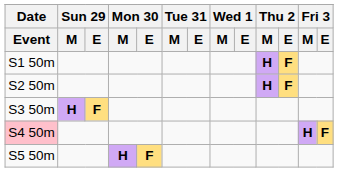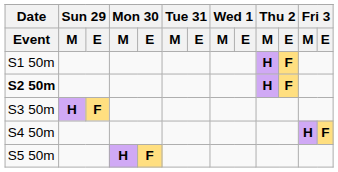 <table class="wikitable" style="margin:0.5em auto; font-size:90%; line-height:1.25em;">
 <tr align="center">
 </tr>
 <tr>
 <th>Date</th>
 <th colspan="2">Sun 29</th>
 <th colspan="2">Mon 30</th>
 <th colspan="2">Tue 31</th>
 <th colspan="2">Wed 1</th>
 <th colspan="2">Thu 2</th>
 <th colspan="2">Fri 3</th>
 </tr>
 <tr>
 <th>Event</th>
 <th>M</th>
 <th>E</th>
 <th>M</th>
 <th>E</th>
 <th>M</th>
 <th>E</th>
 <th>M</th>
 <th>E</th>
 <th>M</th>
 <th>E</th>
 <th>M</th>
 <th>E</th>
 </tr>
 <tr align="center">
 <td align="left">S1 50m</td>
 <td colspan="2"></td>
 <td colspan="2"></td>
 <td colspan="2"></td>
 <td colspan="2"></td>
 <td bgcolor="#D0A9F5"><strong>H</strong></td>
 <td bgcolor="#FFDF80"><strong>F</strong></td>
 <td colspan="2"></td>
 </tr>
 <tr align="center">
-<td align="left">S2 50m</td>
+<td align="left"><strong>S2 50m</strong></td>
 <td colspan="2"></td>
 <td colspan="2"></td>
 <td colspan="2"></td>
 <td colspan="2"></td>
 <td bgcolor="#D0A9F5"><strong>H</strong></td>
 <td bgcolor="#FFDF80"><strong>F</strong></td>
 <td colspan="2"></td>
 </tr>
 <tr align="center">
 <td align="left">S3 50m</td>
 <td bgcolor="#D0A9F5"><strong>H</strong></td>
 <td bgcolor="#FFDF80"><strong>F</strong></td>
 <td colspan="2"></td>
 <td colspan="2"></td>
 <td colspan="2"></td>
 <td colspan="2"></td>
 <td colspan="2"></td>
 </tr>
 <tr align="center">
-<td align="left" style="background: pink;">S4 50m</td>
+<td align="left">S4 50m</td>
 <td colspan="2"></td>
 <td colspan="2"></td>
 <td colspan="2"></td>
 <td colspan="2"></td>
 <td colspan="2"></td>
 <td bgcolor="#D0A9F5"><strong>H</strong></td>
 <td bgcolor="#FFDF80"><strong>F</strong></td>
 </tr>
 <tr align="center">
 <td align="left">S5 50m</td>
 <td colspan="2"></td>
 <td bgcolor="#D0A9F5"><strong>H</strong></td>
 <td bgcolor="#FFDF80"><strong>F</strong></td>
 <td colspan="2"></td>
 <td colspan="2"></td>
 <td colspan="2"></td>
 <td colspan="2"></td>
 </tr>
 </table>
